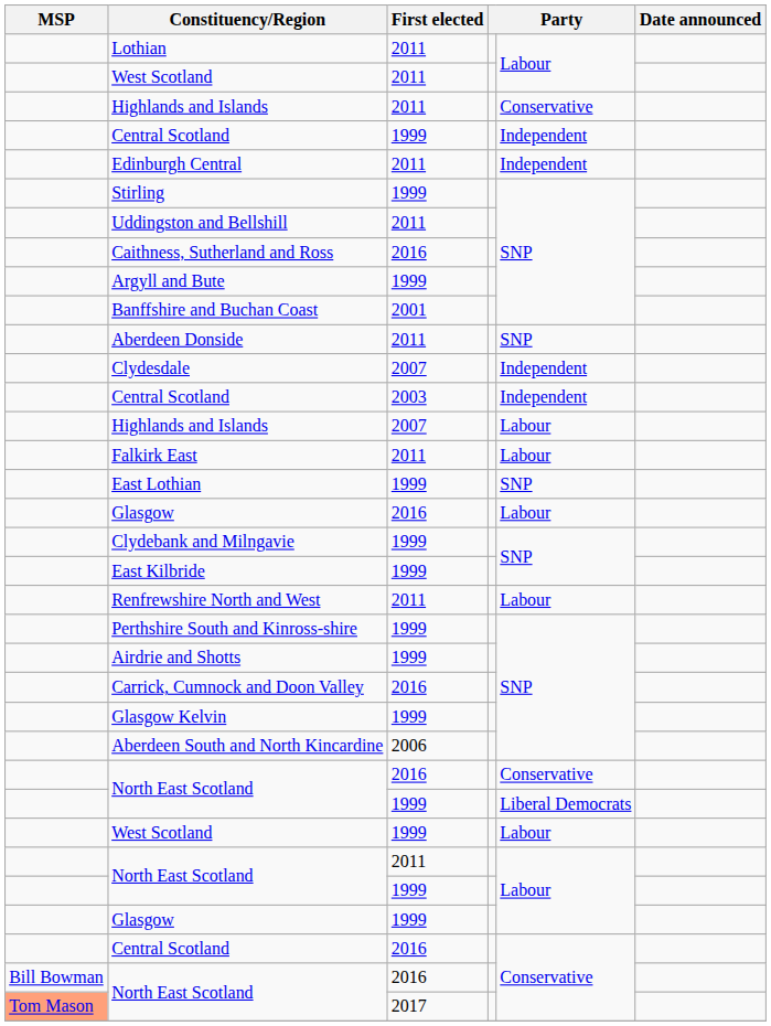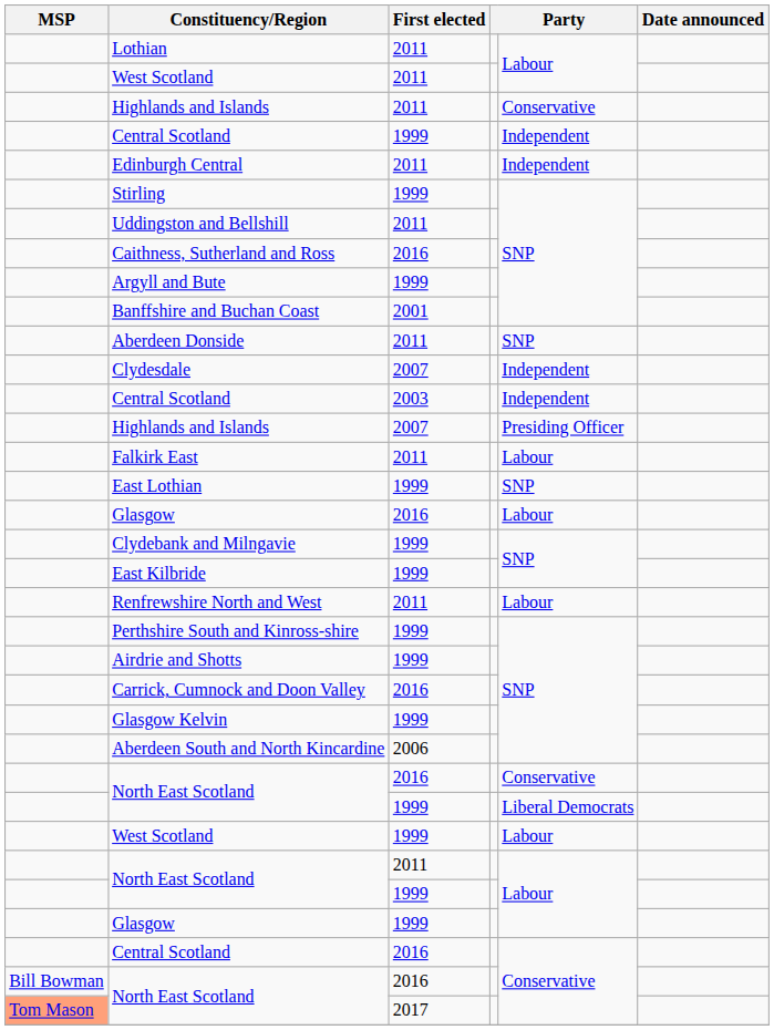 <table class="wikitable sortable" style="font-size:95%;">
 <tr>
 <th scope="col">MSP</th>
 <th scope="col">Constituency/Region</th>
 <th scope="col">First elected</th>
 <th colspan="2" scope="col">Party</th>
 <th scope="col">Date announced</th>
 </tr>
 <tr>
 <td></td>
 <td><a href='#'>Lothian</a></td>
 <td><a href='#'>2011</a></td>
 <td style="color:inherit;background:"></td>
 <td rowspan="2"><a href='#'>Labour</a></td>
 <td></td>
 </tr>
 <tr>
 <td></td>
 <td><a href='#'>West Scotland</a></td>
 <td><a href='#'>2011</a></td>
 <td style="color:inherit;background:"></td>
 <td></td>
 </tr>
 <tr>
 <td></td>
 <td><a href='#'>Highlands and Islands</a></td>
 <td><a href='#'>2011</a></td>
 <td style="color:inherit;background:"></td>
 <td><a href='#'>Conservative</a></td>
 <td></td>
 </tr>
 <tr>
 <td></td>
 <td><a href='#'>Central Scotland</a></td>
 <td><a href='#'>1999</a></td>
 <td style="color:inherit;background:"></td>
 <td><a href='#'>Independent</a></td>
 <td></td>
 </tr>
 <tr>
 <td></td>
 <td><a href='#'>Edinburgh Central</a></td>
 <td><a href='#'>2011</a></td>
 <td style="color:inherit;background:"></td>
 <td><a href='#'>Independent</a></td>
 <td></td>
 </tr>
 <tr>
 <td></td>
 <td><a href='#'>Stirling</a></td>
 <td><a href='#'>1999</a></td>
 <td style="color:inherit;background:"></td>
 <td rowspan="5"><a href='#'>SNP</a></td>
 <td></td>
 </tr>
 <tr>
 <td></td>
 <td><a href='#'>Uddingston and Bellshill</a></td>
 <td><a href='#'>2011</a></td>
 <td style="color:inherit;background:"></td>
 <td></td>
 </tr>
 <tr>
 <td></td>
 <td><a href='#'>Caithness, Sutherland and Ross</a></td>
 <td><a href='#'>2016</a></td>
 <td style="color:inherit;background:"></td>
 <td></td>
 </tr>
 <tr>
 <td></td>
 <td><a href='#'>Argyll and Bute</a></td>
 <td><a href='#'>1999</a></td>
 <td style="color:inherit;background:"></td>
 <td></td>
 </tr>
 <tr>
 <td></td>
 <td><a href='#'>Banffshire and Buchan Coast</a></td>
 <td><a href='#'>2001</a></td>
 <td style="color:inherit;background:"></td>
 <td></td>
 </tr>
 <tr>
 <td></td>
 <td><a href='#'>Aberdeen Donside</a></td>
 <td><a href='#'>2011</a></td>
 <td style="color:inherit;background:"></td>
 <td><a href='#'>SNP</a></td>
 <td></td>
 </tr>
 <tr>
 <td></td>
 <td><a href='#'>Clydesdale</a></td>
 <td><a href='#'>2007</a></td>
 <td style="color:inherit;background:"></td>
 <td><a href='#'>Independent</a></td>
 <td></td>
 </tr>
 <tr>
 <td></td>
 <td><a href='#'>Central Scotland</a></td>
 <td><a href='#'>2003</a></td>
 <td style="color:inherit;background:"></td>
 <td><a href='#'>Independent</a></td>
 <td></td>
 </tr>
 <tr>
 <td></td>
 <td><a href='#'>Highlands and Islands</a></td>
 <td><a href='#'>2007</a></td>
 <td style="color:inherit;background:"></td>
-<td><a href='#'>Labour</a></td>
+<td><a href='#'>Presiding Officer</a></td>
 <td></td>
 </tr>
 <tr>
 <td></td>
 <td><a href='#'>Falkirk East</a></td>
 <td><a href='#'>2011</a></td>
 <td style="color:inherit;background:"></td>
 <td><a href='#'>Labour</a></td>
 <td></td>
 </tr>
 <tr>
 <td></td>
 <td><a href='#'>East Lothian</a></td>
 <td><a href='#'>1999</a></td>
 <td style="color:inherit;background:"></td>
 <td><a href='#'>SNP</a></td>
 <td></td>
 </tr>
 <tr>
 <td></td>
 <td><a href='#'>Glasgow</a></td>
 <td><a href='#'>2016</a></td>
 <td style="color:inherit;background:"></td>
 <td><a href='#'>Labour</a></td>
 <td></td>
 </tr>
 <tr>
 <td></td>
 <td><a href='#'>Clydebank and Milngavie</a></td>
 <td><a href='#'>1999</a></td>
 <td style="color:inherit;background:"></td>
 <td rowspan="2"><a href='#'>SNP</a></td>
 <td></td>
 </tr>
 <tr>
 <td></td>
 <td><a href='#'>East Kilbride</a></td>
 <td><a href='#'>1999</a></td>
 <td style="color:inherit;background:"></td>
 <td></td>
 </tr>
 <tr>
 <td></td>
 <td><a href='#'>Renfrewshire North and West</a></td>
 <td><a href='#'>2011</a></td>
 <td style="color:inherit;background:"></td>
 <td><a href='#'>Labour</a></td>
 <td></td>
 </tr>
 <tr>
 <td></td>
 <td><a href='#'>Perthshire South and Kinross-shire</a></td>
 <td><a href='#'>1999</a></td>
 <td style="color:inherit;background:"></td>
 <td rowspan="5"><a href='#'>SNP</a></td>
 <td></td>
 </tr>
 <tr>
 <td></td>
 <td><a href='#'>Airdrie and Shotts</a></td>
 <td><a href='#'>1999</a></td>
 <td style="color:inherit;background:"></td>
 <td></td>
 </tr>
 <tr>
 <td></td>
 <td><a href='#'>Carrick, Cumnock and Doon Valley</a></td>
 <td><a href='#'>2016</a></td>
 <td style="color:inherit;background:"></td>
 <td></td>
 </tr>
 <tr>
 <td></td>
 <td><a href='#'>Glasgow Kelvin</a></td>
 <td><a href='#'>1999</a></td>
 <td style="color:inherit;background:"></td>
 <td></td>
 </tr>
 <tr>
 <td></td>
 <td><a href='#'>Aberdeen South and North Kincardine</a></td>
 <td>2006</td>
 <td style="color:inherit;background:"></td>
 <td></td>
 </tr>
 <tr>
 <td></td>
 <td rowspan="2"><a href='#'>North East Scotland</a></td>
 <td><a href='#'>2016</a></td>
 <td style="color:inherit;background:"></td>
 <td><a href='#'>Conservative</a></td>
 <td></td>
 </tr>
 <tr>
 <td></td>
 <td><a href='#'>1999</a></td>
 <td style="color:inherit;background:"></td>
 <td><a href='#'>Liberal Democrats</a></td>
 <td></td>
 </tr>
 <tr>
 <td></td>
 <td><a href='#'>West Scotland</a></td>
 <td><a href='#'>1999</a></td>
 <td style="color:inherit;background:"></td>
 <td><a href='#'>Labour</a></td>
 <td></td>
 </tr>
 <tr>
 <td></td>
 <td rowspan="2"><a href='#'>North East Scotland</a></td>
 <td>2011</td>
 <td style="color:inherit;background:"></td>
 <td rowspan="3"><a href='#'>Labour</a></td>
 <td></td>
 </tr>
 <tr>
 <td></td>
 <td><a href='#'>1999</a></td>
 <td style="color:inherit;background:"></td>
 <td></td>
 </tr>
 <tr>
 <td></td>
 <td><a href='#'>Glasgow</a></td>
 <td><a href='#'>1999</a></td>
 <td style="color:inherit;background:"></td>
 <td></td>
 </tr>
 <tr>
 <td></td>
 <td><a href='#'>Central Scotland</a></td>
 <td><a href='#'>2016</a></td>
 <td style="color:inherit;background:"></td>
 <td rowspan="3"><a href='#'>Conservative</a></td>
 <td></td>
 </tr>
 <tr>
 <td><a href='#'>Bill Bowman</a></td>
 <td rowspan="2"><a href='#'>North East Scotland</a></td>
 <td>2016</td>
 <td style="color:inherit;background:"></td>
 <td></td>
 </tr>
 <tr>
 <td style="background: lightsalmon;"><a href='#'>Tom Mason</a></td>
 <td>2017</td>
 <td style="color:inherit;background:"></td>
 <td></td>
 </tr>
 <tr>
 </tr>
 </table>
